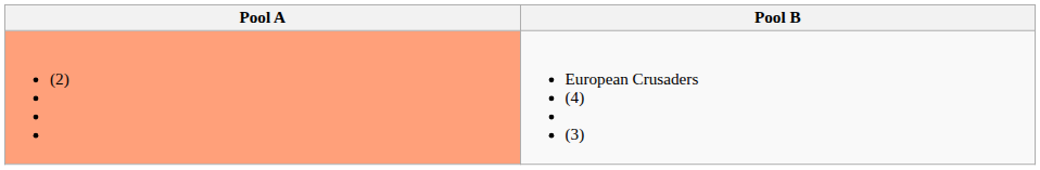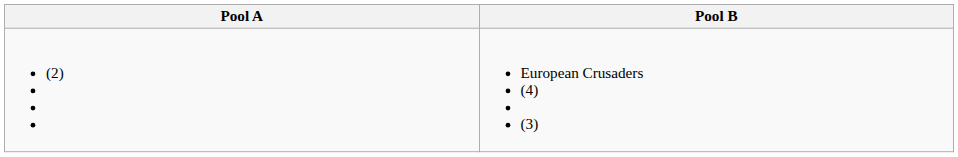 <table class="wikitable" style="width:1000px;">
 <tr>
 <th width=50%>Pool A</th>
 <th width=50%>Pool B</th>
 </tr>
 <tr style="vertical-align: top;">
-<td style="background: lightsalmon;"><br><ul><li> (2)</li><li></li><li></li><li></li></ul></td>
+<td><br><ul><li> (2)</li><li></li><li></li><li></li></ul></td>
 <td><br><ul><li> European Crusaders</li><li> (4)</li><li></li><li> (3)</li></ul></td>
 </tr>
 </table>
